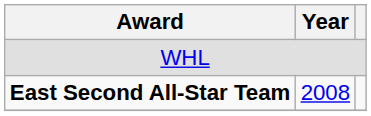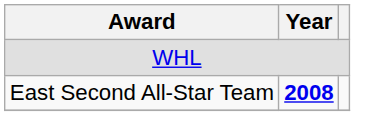 <table class="wikitable">
 <tr>
 <th>Award</th>
 <th>Year</th>
 <th></th>
 </tr>
 <tr ALIGN="center" bgcolor="#e0e0e0">
 <td colspan="3"><a href='#'>WHL</a></td>
 </tr>
 <tr>
-<td><strong>East Second All-Star Team</strong></td>
-<td><a href='#'>2008</a></td>
+<td>East Second All-Star Team</td>
+<td><strong><a href='#'>2008</a></strong></td>
 <td></td>
 </tr>
 <tr>
 </tr>
 </table>
